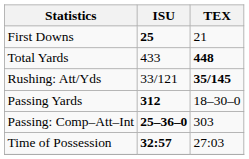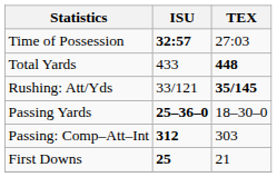 <table class="wikitable" style="float: left;">
 <tr>
 <th>Statistics</th>
 <th>ISU</th>
 <th>TEX</th>
 </tr>
 <tr>
-<td>First Downs</td>
-<td><strong>25</strong></td>
-<td>21</td>
+<td>Time of Possession</td>
+<td><strong>32:57</strong></td>
+<td>27:03</td>
 </tr>
 <tr>
 <td>Total Yards</td>
 <td>433</td>
 <td><strong>448</strong></td>
 </tr>
 <tr>
 <td>Rushing: Att/Yds</td>
 <td>33/121</td>
 <td><strong>35/145</strong></td>
 </tr>
 <tr>
 <td>Passing Yards</td>
-<td><strong>312</strong></td>
+<td><strong>25–36–0</strong></td>
 <td>18–30–0</td>
 </tr>
 <tr>
 <td>Passing: Comp–Att–Int</td>
-<td><strong>25–36–0</strong></td>
+<td><strong>312</strong></td>
 <td>303</td>
 </tr>
 <tr>
-<td>Time of Possession</td>
-<td><strong>32:57</strong></td>
-<td>27:03</td>
+<td>First Downs</td>
+<td><strong>25</strong></td>
+<td>21</td>
 </tr>
 <tr>
 </tr>
 </table>
